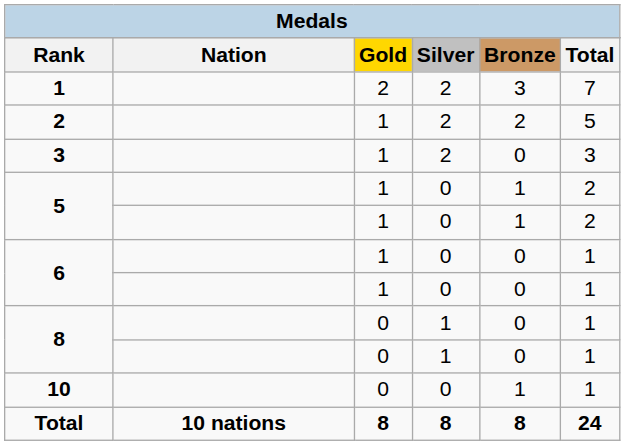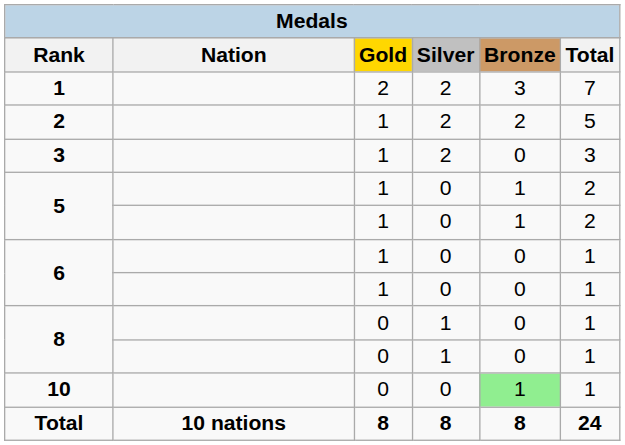 <table class="wikitable" style="text-align:center">
 <tr>
 <td colspan="6" style="background:#BCD4E6"><strong>Medals</strong></td>
 </tr>
 <tr>
 </tr>
 <tr style="background-color:#EDEDED;">
 <th width="75px" class="hintergrundfarbe5">Rank</th>
 <th width="175px" class="hintergrundfarbe6">Nation</th>
 <th style="background:    gold; width:35px ">Gold</th>
 <th style="background:  silver; width:35px ">Silver</th>
 <th style="background: #CC9966; width:35px ">Bronze</th>
 <th width="35px">Total</th>
 </tr>
 <tr>
 <td><strong>1</strong></td>
 <td align=left></td>
 <td>2</td>
 <td>2</td>
 <td>3</td>
 <td>7</td>
 </tr>
 <tr>
 <td><strong>2</strong></td>
 <td align=left></td>
 <td>1</td>
 <td>2</td>
 <td>2</td>
 <td>5</td>
 </tr>
 <tr>
 <td><strong>3</strong></td>
 <td align=left></td>
 <td>1</td>
 <td>2</td>
 <td>0</td>
 <td>3</td>
 </tr>
 <tr>
 <td rowspan=2><strong>5</strong></td>
 <td align=left></td>
 <td>1</td>
 <td>0</td>
 <td>1</td>
 <td>2</td>
 </tr>
 <tr>
 <td align=left></td>
 <td>1</td>
 <td>0</td>
 <td>1</td>
 <td>2</td>
 </tr>
 <tr>
 <td rowspan=2><strong>6</strong></td>
 <td align=left></td>
 <td>1</td>
 <td>0</td>
 <td>0</td>
 <td>1</td>
 </tr>
 <tr>
 <td align=left></td>
 <td>1</td>
 <td>0</td>
 <td>0</td>
 <td>1</td>
 </tr>
 <tr>
 <td rowspan=2><strong>8</strong></td>
 <td align=left></td>
 <td>0</td>
 <td>1</td>
 <td>0</td>
 <td>1</td>
 </tr>
 <tr>
 <td align=left><em> </em></td>
 <td>0</td>
 <td>1</td>
 <td>0</td>
 <td>1</td>
 </tr>
 <tr>
 <td rowspan=1><strong>10</strong></td>
 <td align=left></td>
 <td>0</td>
 <td>0</td>
-<td>1</td>
+<td style="background: lightgreen;">1</td>
 <td>1</td>
 </tr>
 <tr>
 <td><strong>Total</strong></td>
 <td><strong>10 nations</strong></td>
 <td><strong>8</strong></td>
 <td><strong>8</strong></td>
 <td><strong>8</strong></td>
 <td><strong>24</strong></td>
 </tr>
 </table>
